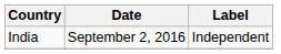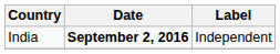 <table class="wikitable">
 <tr>
 <th>Country</th>
 <th>Date</th>
 <th>Label</th>
 </tr>
 <tr>
 <td>India</td>
-<td>September 2, 2016</td>
+<td><strong>September 2, 2016</strong></td>
 <td>Independent</td>
 </tr>
 <tr>
 </tr>
 </table>
